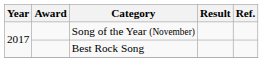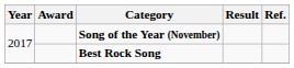 <table class="wikitable plainrowheaders">
 <tr>
 <th>Year</th>
 <th>Award</th>
 <th>Category</th>
 <th>Result</th>
 <th>Ref.</th>
 </tr>
 <tr>
 <td rowspan="2" align="center">2017</td>
 <td></td>
-<td>Song of the Year <small>(November)</small></td>
+<td><strong>Song of the Year <small>(November)</small></strong></td>
 <td></td>
 <td></td>
 </tr>
 <tr>
 <td></td>
-<td>Best Rock Song</td>
+<td><strong>Best Rock Song</strong></td>
 <td></td>
 <td></td>
 </tr>
 <tr>
 </tr>
 </table>
